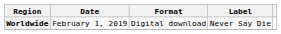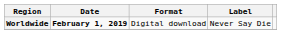 <table class="wikitable plainrowheaders">
 <tr>
 <th>Region</th>
 <th>Date</th>
 <th>Format</th>
 <th>Label</th>
 <th></th>
 </tr>
 <tr>
 <th scope="row" rowspan="1">Worldwide</th>
-<td>February 1, 2019</td>
+<td><strong>February 1, 2019</strong></td>
 <td>Digital download</td>
 <td>Never Say Die</td>
 <td></td>
 </tr>
 <tr>
 </tr>
 </table>
